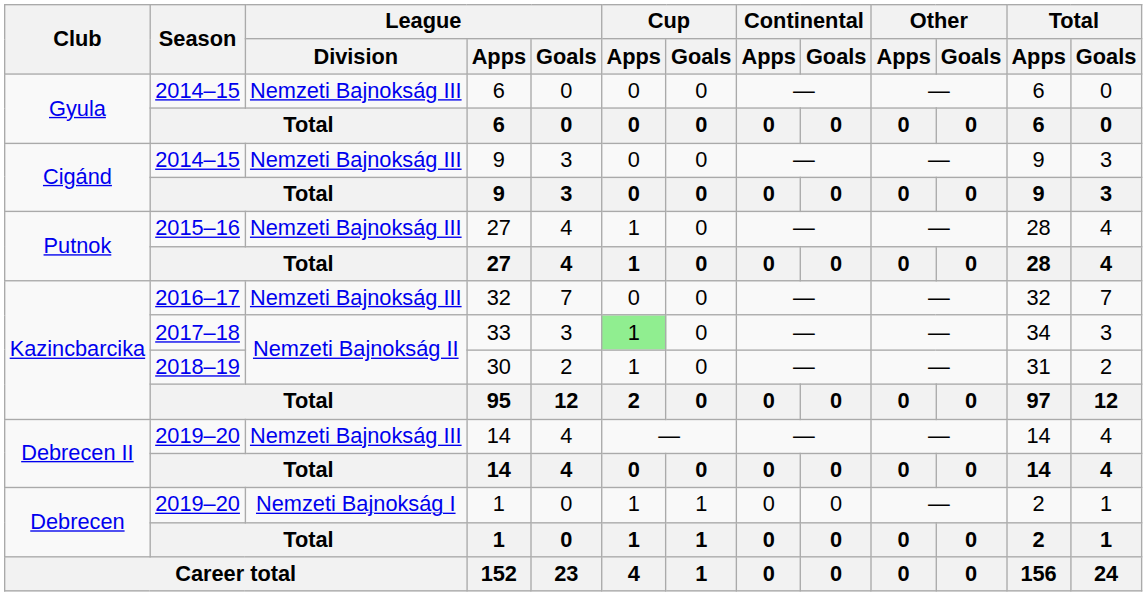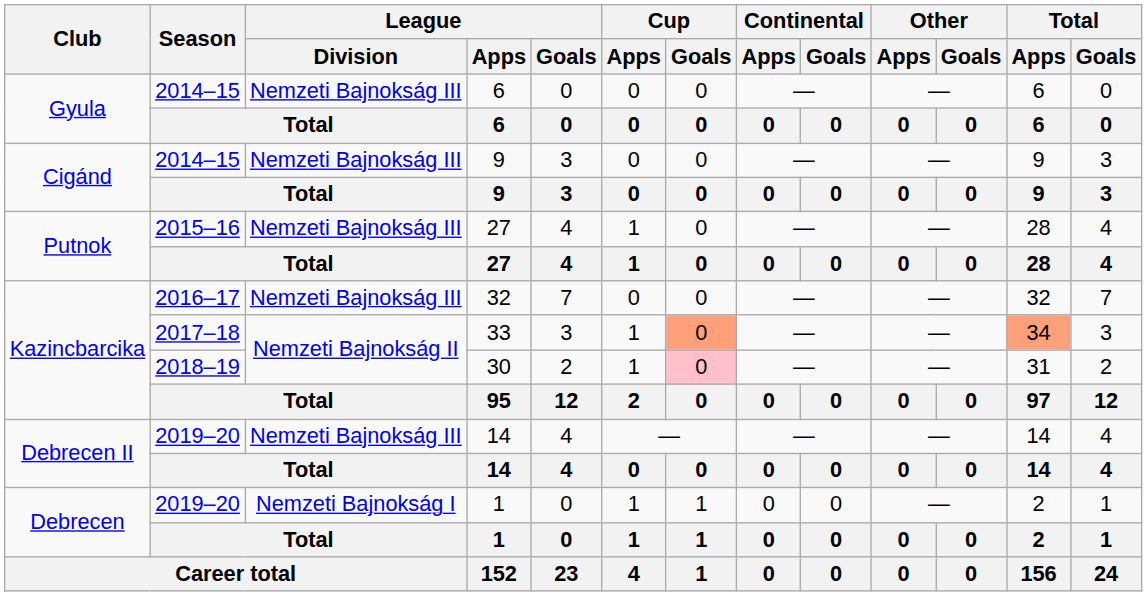 <table class="wikitable" style="text-align:center">
 <tr>
 <th rowspan="2">Club</th>
 <th rowspan="2">Season</th>
 <th colspan="3">League</th>
 <th colspan="2">Cup</th>
 <th colspan="2">Continental</th>
 <th colspan="2">Other</th>
 <th colspan="2">Total</th>
 </tr>
 <tr>
 <th>Division</th>
 <th>Apps</th>
 <th>Goals</th>
 <th>Apps</th>
 <th>Goals</th>
 <th>Apps</th>
 <th>Goals</th>
 <th>Apps</th>
 <th>Goals</th>
 <th>Apps</th>
 <th>Goals</th>
 </tr>
 <tr>
 <td rowspan="2"><a href='#'>Gyula</a></td>
 <td><a href='#'>2014–15</a></td>
 <td><a href='#'>Nemzeti Bajnokság III</a></td>
 <td>6</td>
 <td>0</td>
 <td>0</td>
 <td>0</td>
 <td colspan="2">—</td>
 <td colspan="2">—</td>
 <td>6</td>
 <td>0</td>
 </tr>
 <tr>
 <th colspan="2">Total</th>
 <th>6</th>
 <th>0</th>
 <th>0</th>
 <th>0</th>
 <th>0</th>
 <th>0</th>
 <th>0</th>
 <th>0</th>
 <th>6</th>
 <th>0</th>
 </tr>
 <tr>
 <td rowspan="2"><a href='#'>Cigánd</a></td>
 <td><a href='#'>2014–15</a></td>
 <td><a href='#'>Nemzeti Bajnokság III</a></td>
 <td>9</td>
 <td>3</td>
 <td>0</td>
 <td>0</td>
 <td colspan="2">—</td>
 <td colspan="2">—</td>
 <td>9</td>
 <td>3</td>
 </tr>
 <tr>
 <th colspan="2">Total</th>
 <th>9</th>
 <th>3</th>
 <th>0</th>
 <th>0</th>
 <th>0</th>
 <th>0</th>
 <th>0</th>
 <th>0</th>
 <th>9</th>
 <th>3</th>
 </tr>
 <tr>
 <td rowspan="2"><a href='#'>Putnok</a></td>
 <td><a href='#'>2015–16</a></td>
 <td><a href='#'>Nemzeti Bajnokság III</a></td>
 <td>27</td>
 <td>4</td>
 <td>1</td>
 <td>0</td>
 <td colspan="2">—</td>
 <td colspan="2">—</td>
 <td>28</td>
 <td>4</td>
 </tr>
 <tr>
 <th colspan="2">Total</th>
 <th>27</th>
 <th>4</th>
 <th>1</th>
 <th>0</th>
 <th>0</th>
 <th>0</th>
 <th>0</th>
 <th>0</th>
 <th>28</th>
 <th>4</th>
 </tr>
 <tr>
 <td rowspan="4"><a href='#'>Kazincbarcika</a></td>
 <td><a href='#'>2016–17</a></td>
 <td><a href='#'>Nemzeti Bajnokság III</a></td>
 <td>32</td>
 <td>7</td>
 <td>0</td>
 <td>0</td>
 <td colspan="2">—</td>
 <td colspan="2">—</td>
 <td>32</td>
 <td>7</td>
 </tr>
 <tr>
 <td><a href='#'>2017–18</a></td>
 <td rowspan="2"><a href='#'>Nemzeti Bajnokság II</a></td>
 <td>33</td>
 <td>3</td>
-<td style="background: lightgreen;">1</td>
-<td>0</td>
+<td>1</td>
+<td style="background: lightsalmon;">0</td>
 <td colspan="2">—</td>
 <td colspan="2">—</td>
-<td>34</td>
+<td style="background: lightsalmon;">34</td>
 <td>3</td>
 </tr>
 <tr>
 <td><a href='#'>2018–19</a></td>
 <td>30</td>
 <td>2</td>
 <td>1</td>
-<td>0</td>
+<td style="background: pink;">0</td>
 <td colspan="2">—</td>
 <td colspan="2">—</td>
 <td>31</td>
 <td>2</td>
 </tr>
 <tr>
 <th colspan="2">Total</th>
 <th>95</th>
 <th>12</th>
 <th>2</th>
 <th>0</th>
 <th>0</th>
 <th>0</th>
 <th>0</th>
 <th>0</th>
 <th>97</th>
 <th>12</th>
 </tr>
 <tr>
 <td rowspan="2"><a href='#'>Debrecen II</a></td>
 <td><a href='#'>2019–20</a></td>
 <td><a href='#'>Nemzeti Bajnokság III</a></td>
 <td>14</td>
 <td>4</td>
 <td colspan="2">—</td>
 <td colspan="2">—</td>
 <td colspan="2">—</td>
 <td>14</td>
 <td>4</td>
 </tr>
 <tr>
 <th colspan="2">Total</th>
 <th>14</th>
 <th>4</th>
 <th>0</th>
 <th>0</th>
 <th>0</th>
 <th>0</th>
 <th>0</th>
 <th>0</th>
 <th>14</th>
 <th>4</th>
 </tr>
 <tr>
 <td rowspan="2"><a href='#'>Debrecen</a></td>
 <td><a href='#'>2019–20</a></td>
 <td><a href='#'>Nemzeti Bajnokság I</a></td>
 <td>1</td>
 <td>0</td>
 <td>1</td>
 <td>1</td>
 <td>0</td>
 <td>0</td>
 <td colspan="2">—</td>
 <td>2</td>
 <td>1</td>
 </tr>
 <tr>
 <th colspan="2">Total</th>
 <th>1</th>
 <th>0</th>
 <th>1</th>
 <th>1</th>
 <th>0</th>
 <th>0</th>
 <th>0</th>
 <th>0</th>
 <th>2</th>
 <th>1</th>
 </tr>
 <tr>
 <th colspan="3">Career total</th>
 <th>152</th>
 <th>23</th>
 <th>4</th>
 <th>1</th>
 <th>0</th>
 <th>0</th>
 <th>0</th>
 <th>0</th>
 <th>156</th>
 <th>24</th>
 </tr>
 </table>
